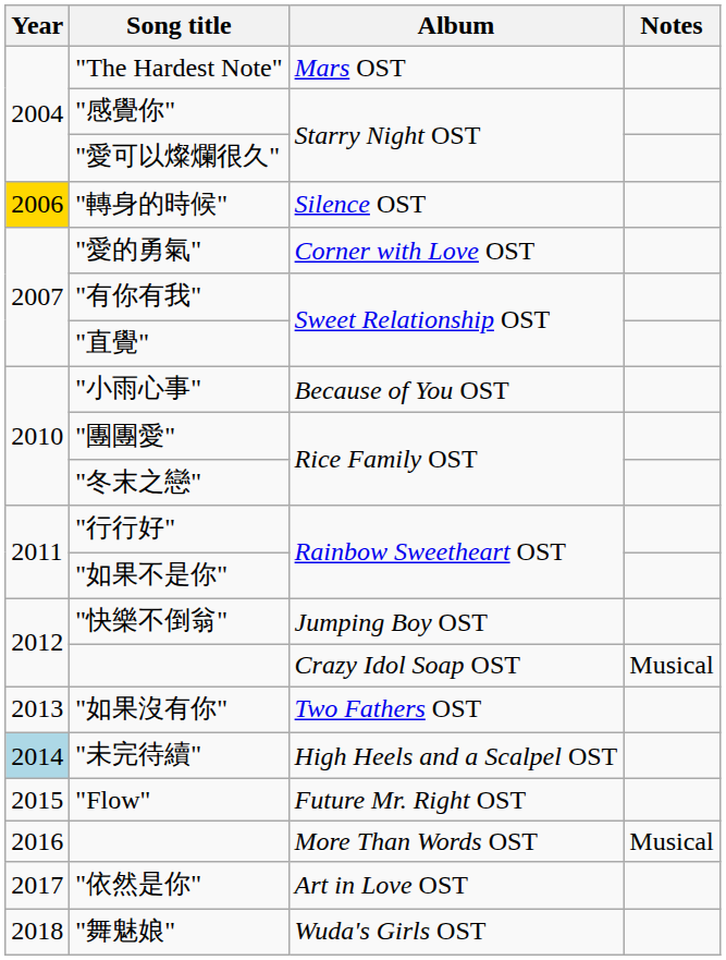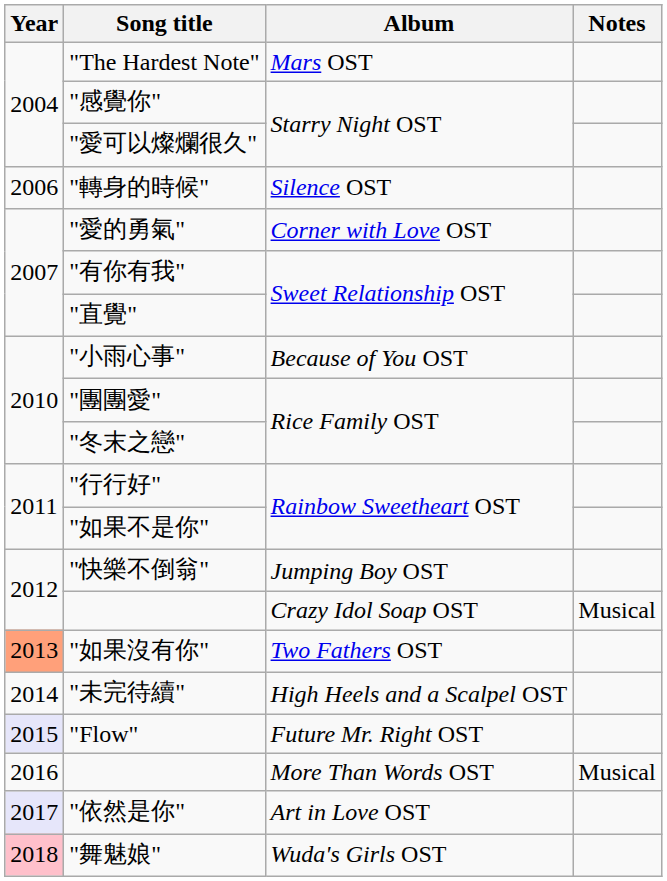 <table class="wikitable">
 <tr>
 <th>Year</th>
 <th>Song title</th>
 <th>Album</th>
 <th>Notes</th>
 </tr>
 <tr>
 <td rowspan="3">2004</td>
 <td>"The Hardest Note"</td>
 <td><em><a href='#'>Mars</a></em> OST</td>
 <td></td>
 </tr>
 <tr>
 <td>"感覺你"</td>
 <td rowspan="2"><em>Starry Night</em> OST</td>
 <td></td>
 </tr>
 <tr>
 <td>"愛可以燦爛很久"</td>
 <td></td>
 </tr>
 <tr>
-<td style="background: gold;">2006</td>
+<td>2006</td>
 <td>"轉身的時候"</td>
 <td><em><a href='#'>Silence</a></em> OST</td>
 <td></td>
 </tr>
 <tr>
 <td rowspan="3">2007</td>
 <td>"愛的勇氣"</td>
 <td><em><a href='#'>Corner with Love</a></em> OST</td>
 <td></td>
 </tr>
 <tr>
 <td>"有你有我"</td>
 <td rowspan="2"><em><a href='#'>Sweet Relationship</a></em> OST</td>
 <td></td>
 </tr>
 <tr>
 <td>"直覺"</td>
 <td></td>
 </tr>
 <tr>
 <td rowspan="3">2010</td>
 <td>"小雨心事"</td>
 <td><em>Because of You</em> OST</td>
 <td></td>
 </tr>
 <tr>
 <td>"團團愛"</td>
 <td rowspan="2"><em>Rice Family</em> OST</td>
 <td></td>
 </tr>
 <tr>
 <td>"冬末之戀"</td>
 <td></td>
 </tr>
 <tr>
 <td rowspan="2">2011</td>
 <td>"行行好"</td>
 <td rowspan="2"><em><a href='#'>Rainbow Sweetheart</a></em> OST</td>
 <td></td>
 </tr>
 <tr>
 <td>"如果不是你"</td>
 <td></td>
 </tr>
 <tr>
 <td rowspan="2">2012</td>
 <td>"快樂不倒翁"</td>
 <td><em>Jumping Boy</em> OST</td>
 <td></td>
 </tr>
 <tr>
 <td></td>
 <td><em>Crazy Idol Soap</em> OST</td>
 <td>Musical</td>
 </tr>
 <tr>
-<td>2013</td>
+<td style="background: lightsalmon;">2013</td>
 <td>"如果沒有你"</td>
 <td><a href='#'><em>Two Fathers</em></a> OST</td>
 <td></td>
 </tr>
 <tr>
-<td style="background: lightblue;">2014</td>
+<td>2014</td>
 <td>"未完待續"</td>
 <td><em>High Heels and a Scalpel</em> OST</td>
 <td></td>
 </tr>
 <tr>
-<td>2015</td>
+<td style="background: lavender;">2015</td>
 <td>"Flow"</td>
 <td><em>Future Mr. Right</em> OST</td>
 <td></td>
 </tr>
 <tr>
 <td>2016</td>
 <td></td>
 <td><em>More Than Words</em> OST</td>
 <td>Musical</td>
 </tr>
 <tr>
-<td>2017</td>
+<td style="background: lavender;">2017</td>
 <td>"依然是你"</td>
 <td><em>Art in Love</em> OST</td>
 <td></td>
 </tr>
 <tr>
-<td>2018</td>
+<td style="background: pink;">2018</td>
 <td>"舞魅娘"</td>
 <td><em>Wuda's Girls</em> OST</td>
 <td></td>
 </tr>
 </table>
